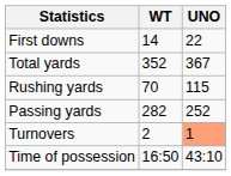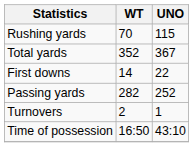 <table class="wikitable" style="float: left;">
 <tr>
 <th>Statistics</th>
 <th>WT</th>
 <th>UNO</th>
 </tr>
 <tr>
-<td>First downs</td>
-<td>14</td>
-<td>22</td>
+<td>Rushing yards</td>
+<td>70</td>
+<td>115</td>
 </tr>
 <tr>
 <td>Total yards</td>
 <td>352</td>
 <td>367</td>
 </tr>
 <tr>
-<td>Rushing yards</td>
-<td>70</td>
-<td>115</td>
+<td>First downs</td>
+<td>14</td>
+<td>22</td>
 </tr>
 <tr>
 <td>Passing yards</td>
 <td>282</td>
 <td>252</td>
 </tr>
 <tr>
 <td>Turnovers</td>
 <td>2</td>
-<td style="background: lightsalmon;">1</td>
+<td>1</td>
 </tr>
 <tr>
 <td>Time of possession</td>
 <td>16:50</td>
 <td>43:10</td>
 </tr>
 <tr>
 </tr>
 </table>
